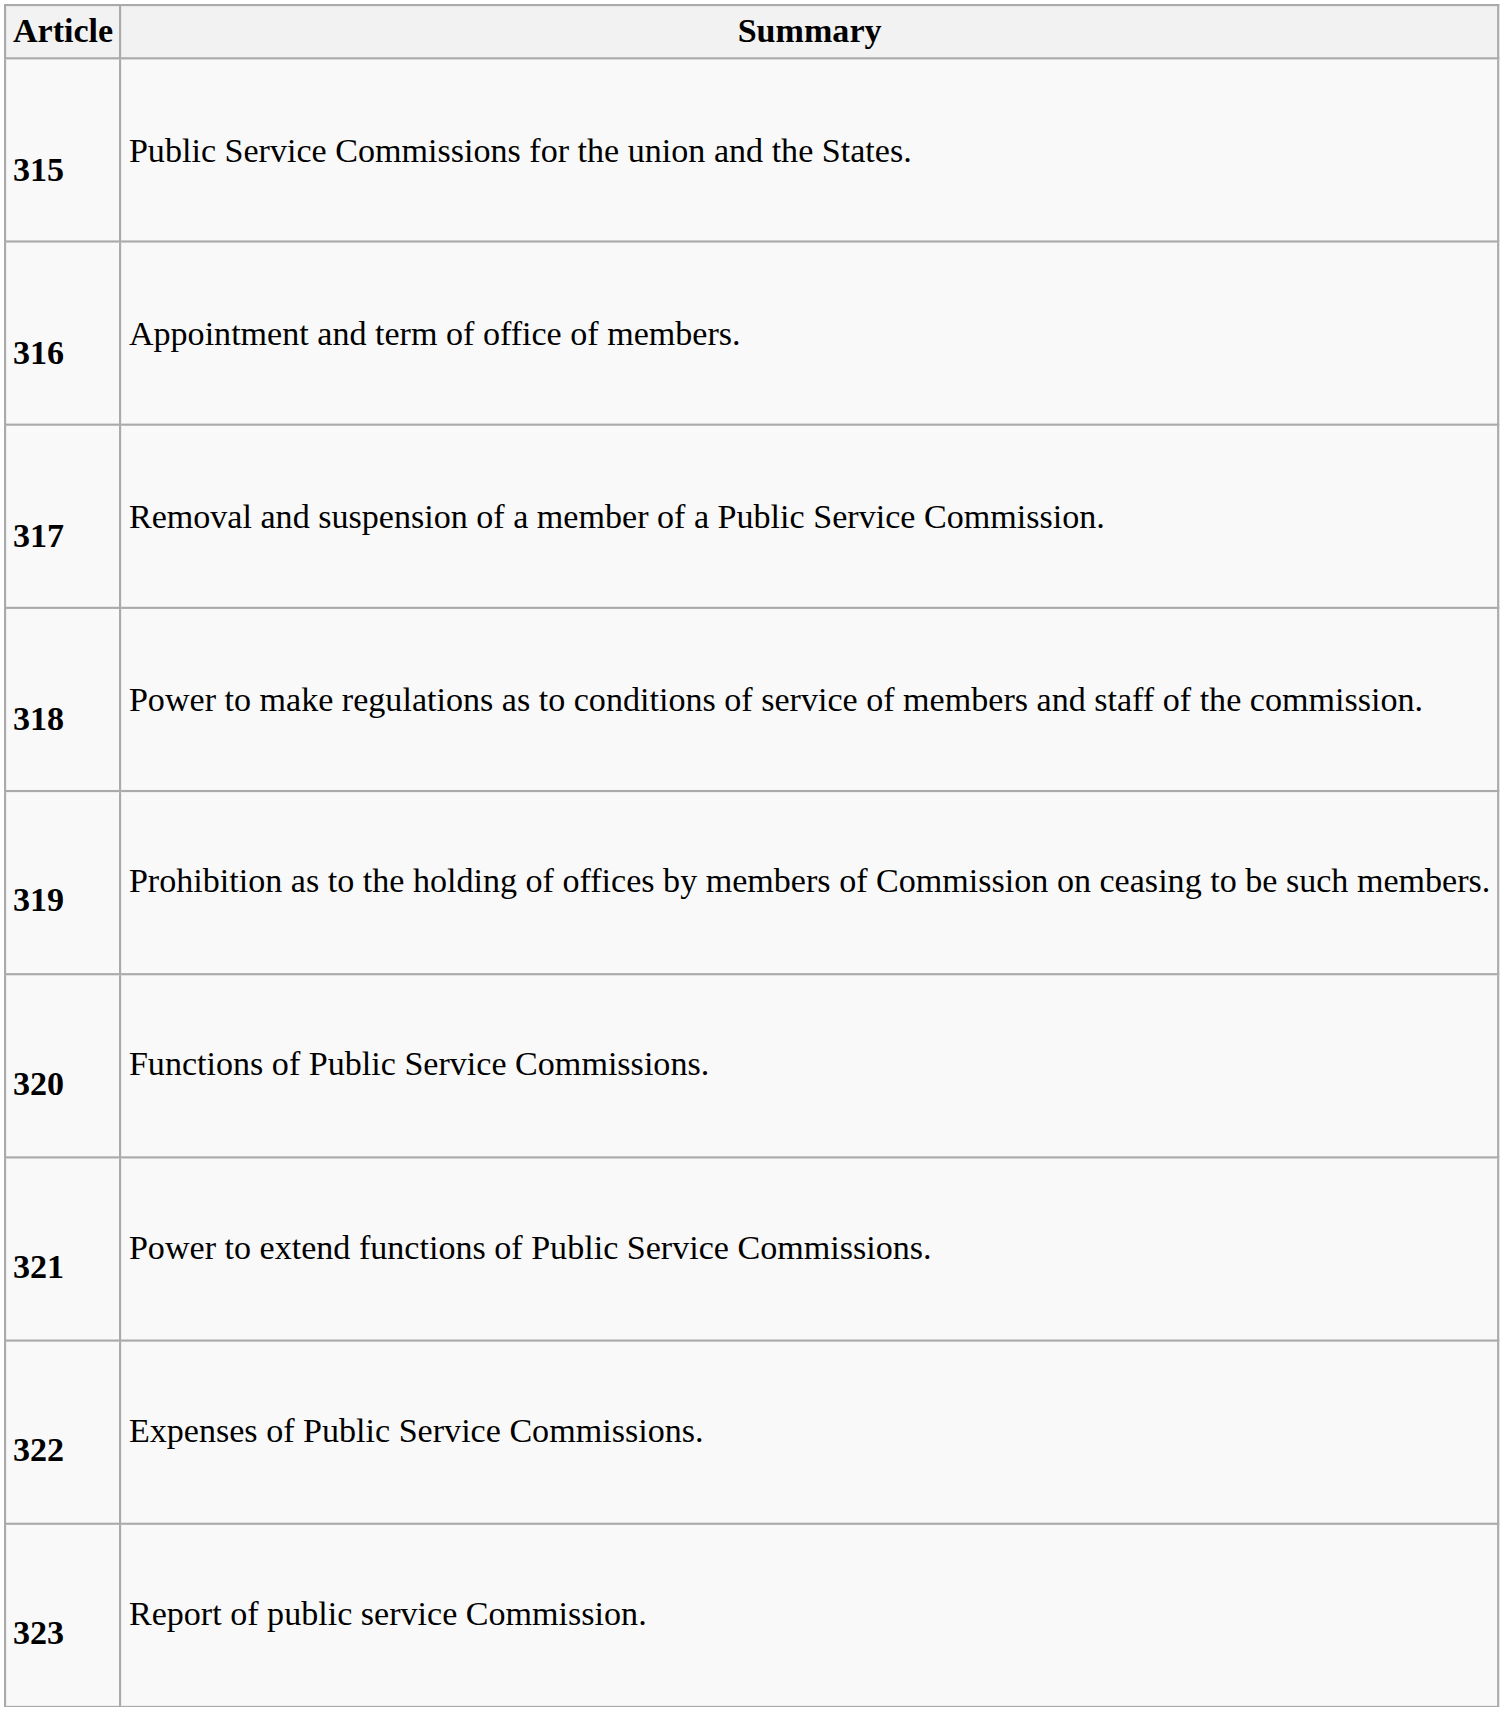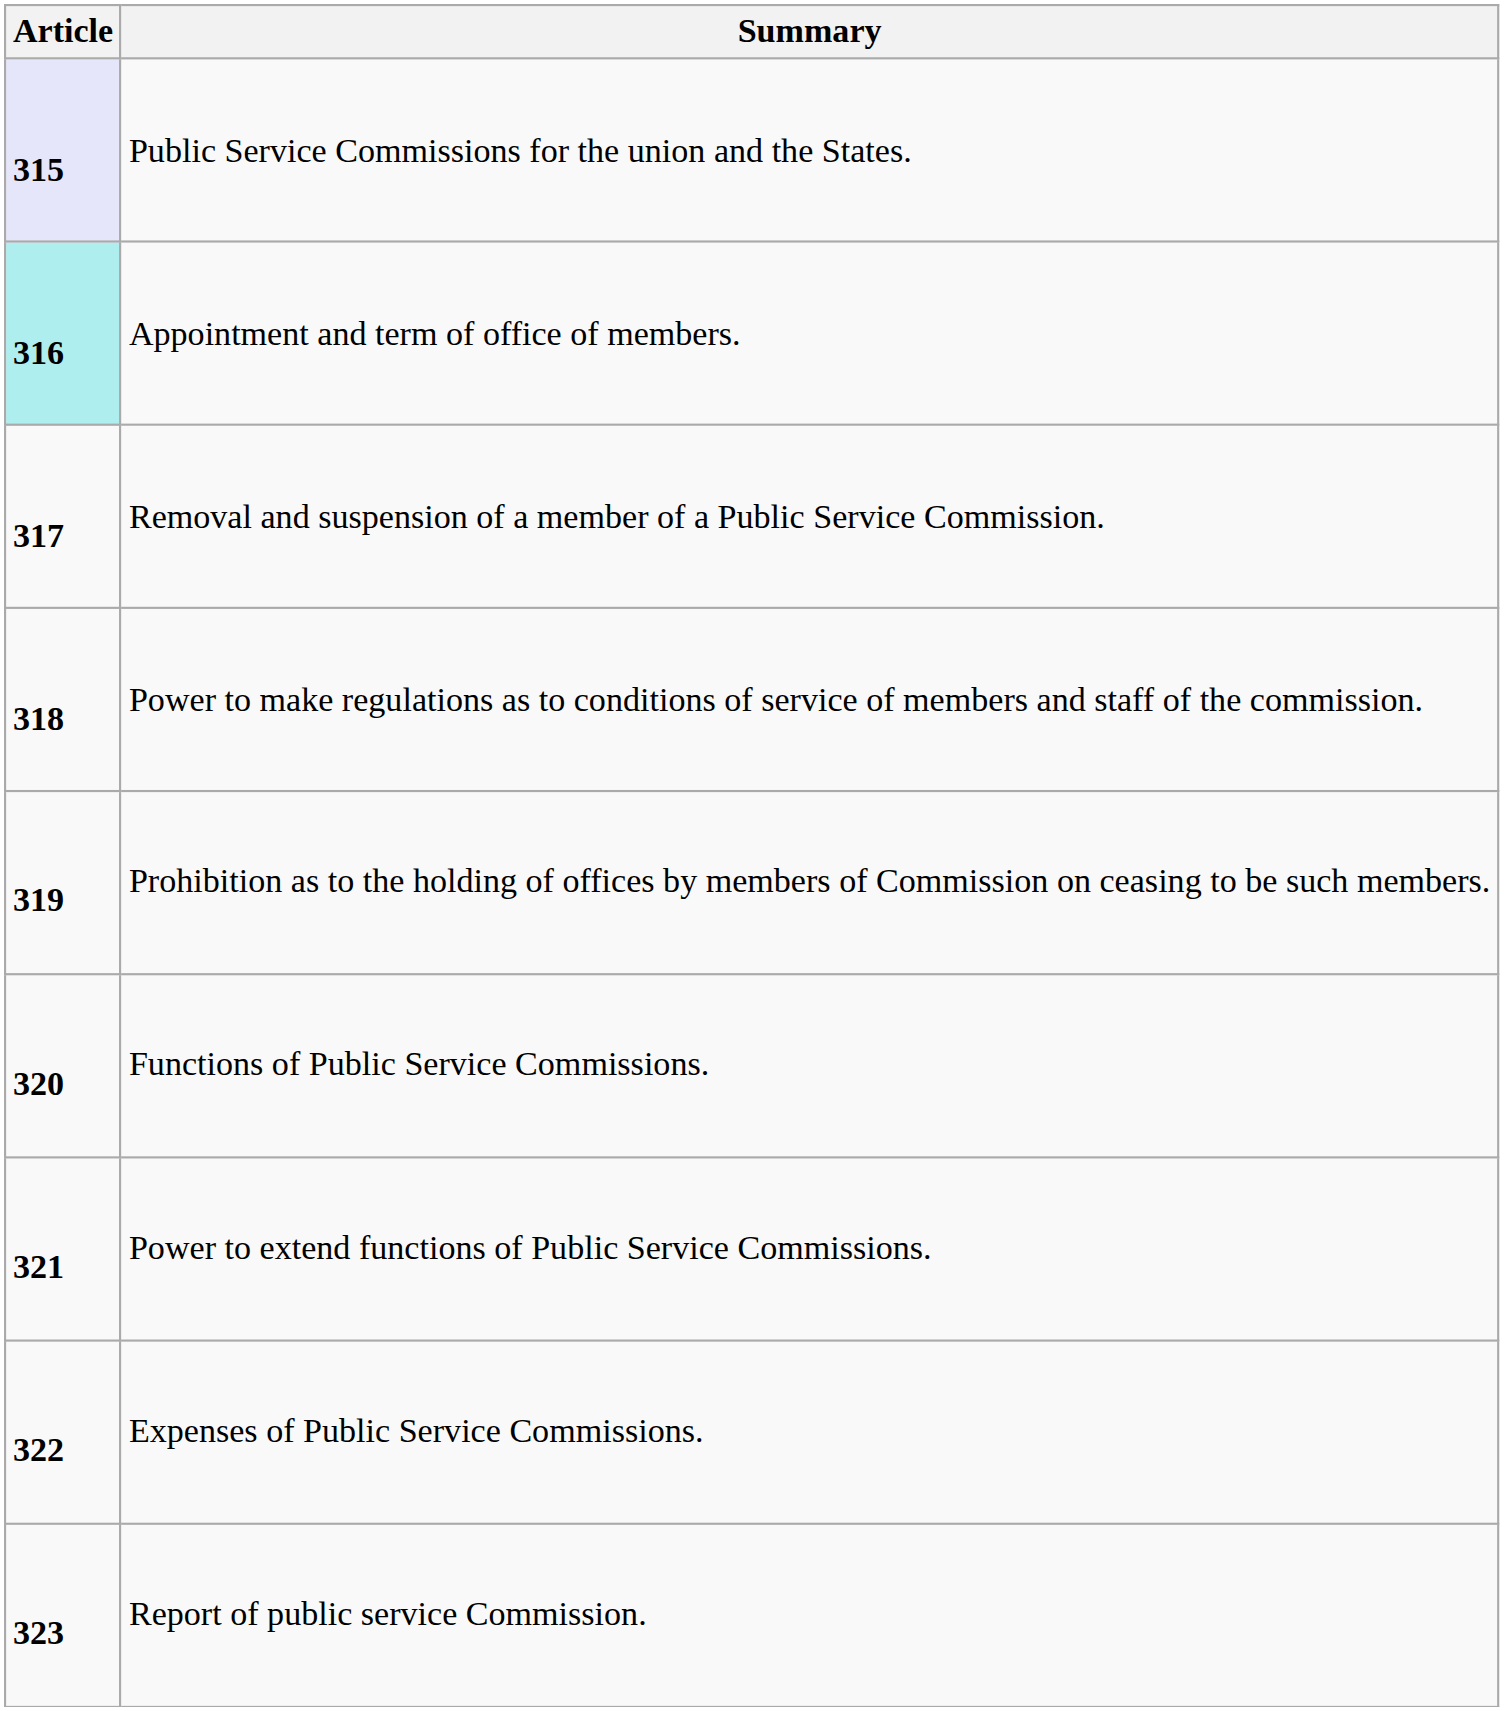 <table class="wikitable">
 <tr>
 <th>Article</th>
 <th>Summary</th>
 </tr>
 <tr>
-<td><br><h4>315</h4></td>
+<td style="background: lavender;"><br><h4>315</h4></td>
 <td>Public Service Commissions for the union and the States.</td>
 </tr>
 <tr>
-<td><br><h4>316</h4></td>
+<td style="background: paleturquoise;"><br><h4>316</h4></td>
 <td>Appointment and term of office of members.</td>
 </tr>
 <tr>
 <td><br><h4>317</h4></td>
 <td>Removal and suspension of a member of a Public Service Commission.</td>
 </tr>
 <tr>
 <td><br><h4>318</h4></td>
 <td>Power to make regulations as to conditions of service of members and staff of the commission.</td>
 </tr>
 <tr>
 <td><br><h4>319</h4></td>
 <td>Prohibition as to the holding of offices by members of Commission on ceasing to be such members.</td>
 </tr>
 <tr>
 <td><br><h4>320</h4></td>
 <td>Functions of Public Service Commissions.</td>
 </tr>
 <tr>
 <td><br><h4>321</h4></td>
 <td>Power to extend functions of Public Service Commissions.</td>
 </tr>
 <tr>
 <td><br><h4>322</h4></td>
 <td>Expenses of Public Service Commissions.</td>
 </tr>
 <tr>
 <td><br><h4>323</h4></td>
 <td>Report of public service Commission.</td>
 </tr>
 </table>
